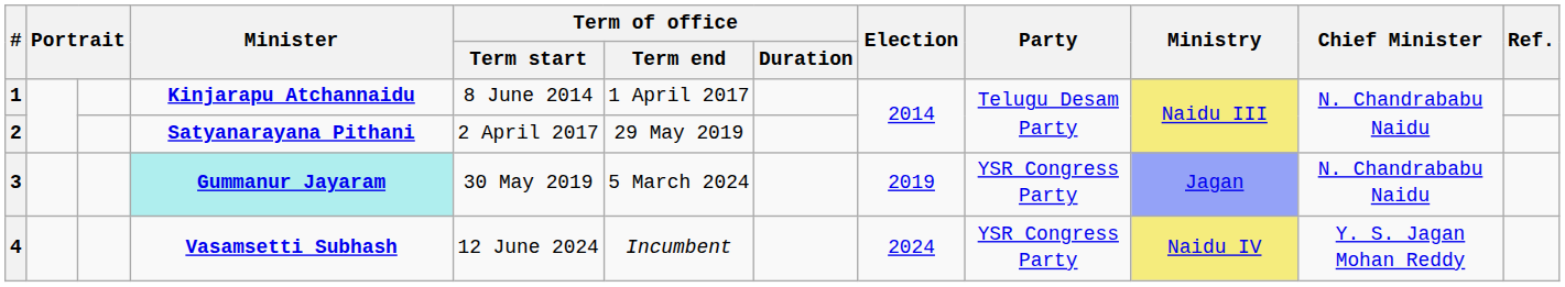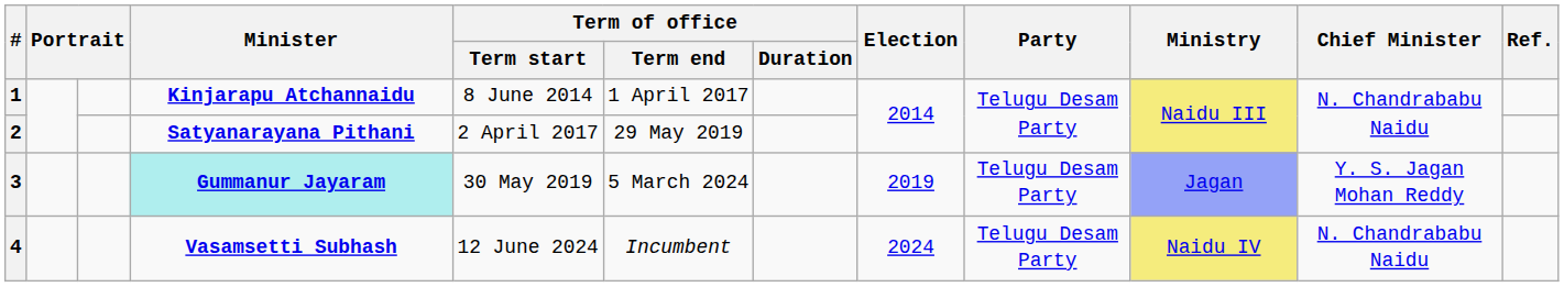 <table class="wikitable" style="line-height:1.4em; text-align:center">
 <tr>
 <th rowspan=2>#</th>
 <th rowspan=2 colspan="2">Portrait</th>
 <th rowspan=2 style="width:16em">Minister<br></th>
 <th colspan="3">Term of office</th>
 <th rowspan=2 style="width:5em">Election<br></th>
 <th rowspan=2 style="width:8em">Party</th>
 <th rowspan=2 style="width:8em">Ministry</th>
 <th rowspan=2 style="width:10em">Chief Minister</th>
 <th rowspan=2>Ref.</th>
 </tr>
 <tr>
 <th>Term start</th>
 <th>Term end</th>
 <th>Duration</th>
 </tr>
 <tr>
 <th>1</th>
 <td rowspan=2></td>
 <td></td>
 <td><strong><a href='#'>Kinjarapu Atchannaidu</a></strong><br></td>
 <td>8 June 2014</td>
 <td>1 April 2017</td>
 <td><strong></strong></td>
 <td rowspan=2><a href='#'>2014</a><br></td>
 <td rowspan=2><a href='#'>Telugu Desam Party</a></td>
 <td rowspan=2 bgcolor="#F5EC7D"><a href='#'>Naidu III</a></td>
 <td rowspan=2><a href='#'>N. Chandrababu Naidu</a></td>
 <td></td>
 </tr>
 <tr>
 <th>2</th>
 <td></td>
 <td><strong><a href='#'>Satyanarayana Pithani</a></strong><br></td>
 <td>2 April 2017</td>
 <td>29 May 2019</td>
 <td><strong></strong></td>
 <td></td>
 </tr>
 <tr>
 <th>3</th>
 <td></td>
 <td></td>
 <td style="background: paleturquoise;"><strong><a href='#'>Gummanur Jayaram</a></strong><br></td>
 <td>30 May 2019</td>
 <td>5 March 2024 </td>
 <td><strong></strong></td>
 <td><a href='#'>2019</a><br></td>
-<td><a href='#'>YSR Congress Party</a></td>
+<td><a href='#'>Telugu Desam Party</a></td>
 <td bgcolor="#94A2F7"><a href='#'>Jagan</a></td>
-<td><a href='#'>N. Chandrababu Naidu</a></td>
+<td><a href='#'>Y. S. Jagan Mohan Reddy</a></td>
 <td></td>
 </tr>
 <tr>
 <th>4</th>
 <td></td>
 <td></td>
 <td><strong><a href='#'>Vasamsetti Subhash</a></strong><br></td>
 <td>12 June 2024</td>
 <td><em>Incumbent</em></td>
 <td><strong></strong></td>
 <td><a href='#'>2024</a><br></td>
-<td><a href='#'>YSR Congress Party</a></td>
+<td><a href='#'>Telugu Desam Party</a></td>
 <td bgcolor="#F5EC7D"><a href='#'>Naidu IV</a></td>
-<td><a href='#'>Y. S. Jagan Mohan Reddy</a></td>
+<td><a href='#'>N. Chandrababu Naidu</a></td>
 <td></td>
 </tr>
 </table>
